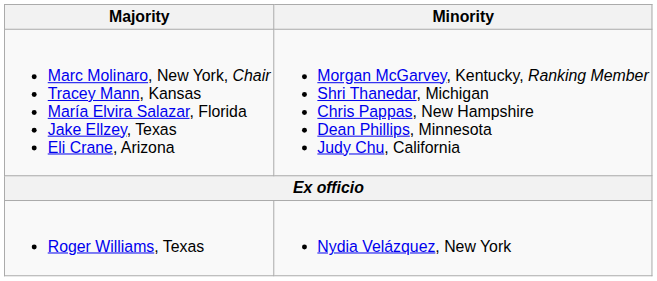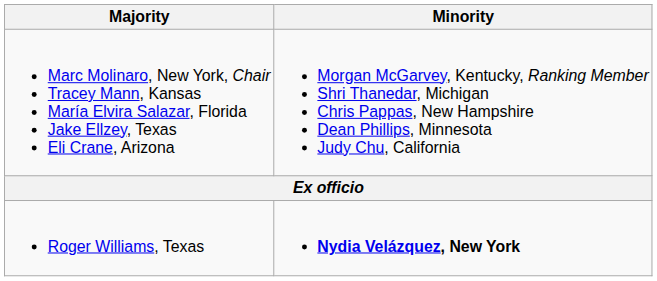 <table class=wikitable>
 <tr>
 <th>Majority</th>
 <th>Minority</th>
 </tr>
 <tr>
 <td><br><ul><li><a href='#'>Marc Molinaro</a>, New York, <em>Chair</em></li><li><a href='#'>Tracey Mann</a>, Kansas</li><li><a href='#'>María Elvira Salazar</a>, Florida</li><li><a href='#'>Jake Ellzey</a>, Texas</li><li><a href='#'>Eli Crane</a>, Arizona</li></ul></td>
 <td><br><ul><li><a href='#'>Morgan McGarvey</a>, Kentucky, <em>Ranking Member</em></li><li><a href='#'>Shri Thanedar</a>, Michigan</li><li><a href='#'>Chris Pappas</a>, New Hampshire</li><li><a href='#'>Dean Phillips</a>, Minnesota</li><li><a href='#'>Judy Chu</a>, California</li></ul></td>
 </tr>
 <tr>
 <th colspan=2><em>Ex officio</em></th>
 </tr>
 <tr>
 <td><br><ul><li><a href='#'>Roger Williams</a>, Texas</li></ul></td>
-<td><br><ul><li><a href='#'>Nydia Velázquez</a>, New York</li></ul></td>
+<td><strong><br><ul><li><a href='#'>Nydia Velázquez</a>, New York</li></ul></strong></td>
 </tr>
 </table>
